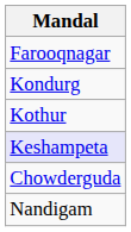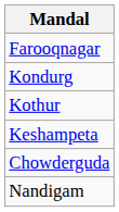 <table class="wikitable sortable static-row-numbers static-row-header-hash">
 <tr>
 <th>Mandal</th>
 </tr>
 <tr>
 <td><a href='#'>Farooqnagar</a></td>
 </tr>
 <tr>
 <td><a href='#'>Kondurg</a></td>
 </tr>
 <tr>
 <td><a href='#'>Kothur</a></td>
 </tr>
 <tr>
-<td style="background: lavender;"><a href='#'>Keshampeta</a></td>
+<td><a href='#'>Keshampeta</a></td>
 </tr>
 <tr>
 <td><a href='#'>Chowderguda</a></td>
 </tr>
 <tr>
 <td>Nandigam</td>
 </tr>
 </table>
